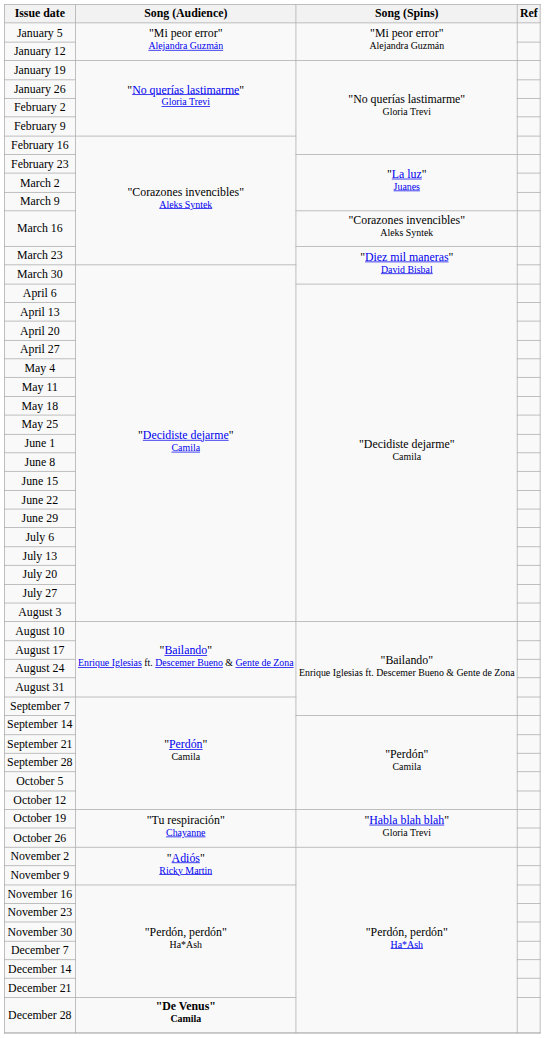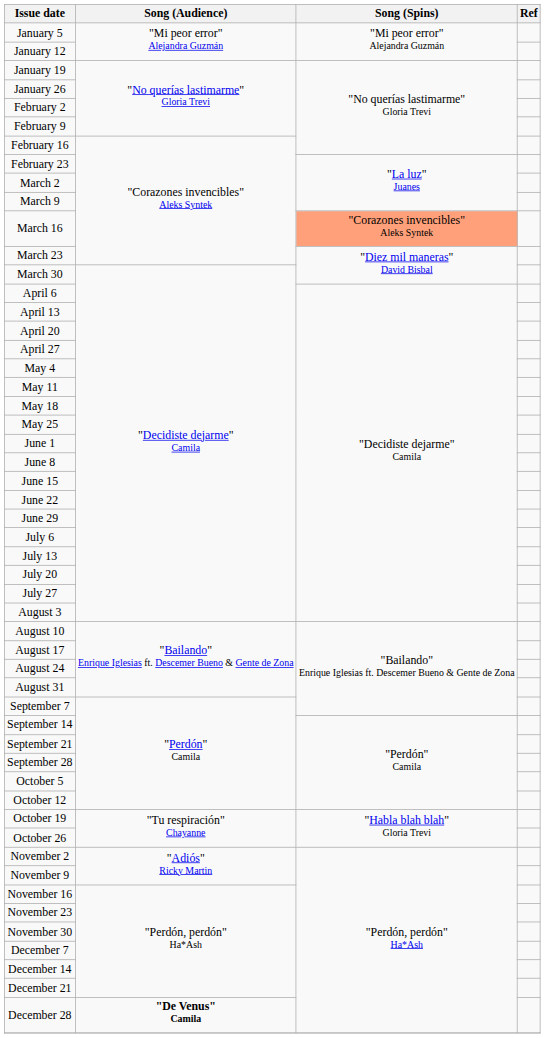 <table class="wikitable" style="text-align: center;">
 <tr>
 <th>Issue date</th>
 <th>Song (Audience)</th>
 <th>Song (Spins)</th>
 <th>Ref</th>
 </tr>
 <tr>
 <td>January 5</td>
 <td rowspan="2">"Mi peor error"<br><sup><a href='#'>Alejandra Guzmán</a></sup></td>
 <td rowspan="2">"Mi peor error"<br><sup>Alejandra Guzmán</sup></td>
 <td></td>
 </tr>
 <tr>
 <td>January 12</td>
 <td></td>
 </tr>
 <tr>
 <td>January 19</td>
 <td rowspan="4">"<a href='#'>No querías lastimarme</a>"<br><sup><a href='#'>Gloria Trevi</a></sup></td>
 <td rowspan="5">"No querías lastimarme"<br><sup>Gloria Trevi</sup></td>
 <td></td>
 </tr>
 <tr>
 <td>January 26</td>
 <td></td>
 </tr>
 <tr>
 <td>February 2</td>
 <td></td>
 </tr>
 <tr>
 <td>February 9</td>
 <td></td>
 </tr>
 <tr>
 <td>February 16</td>
 <td rowspan="6">"Corazones invencibles"<br><sup><a href='#'>Aleks Syntek</a></sup></td>
 <td></td>
 </tr>
 <tr>
 <td>February 23</td>
 <td rowspan="3">"<a href='#'>La luz</a>"<br><sup><a href='#'>Juanes</a></sup></td>
 <td></td>
 </tr>
 <tr>
 <td>March 2</td>
 <td></td>
 </tr>
 <tr>
 <td>March 9</td>
 <td></td>
 </tr>
 <tr>
 <td>March 16</td>
-<td rowspan="1">"Corazones invencibles"<br><sup>Aleks Syntek</sup></td>
+<td rowspan="1" style="background: lightsalmon;">"Corazones invencibles"<br><sup>Aleks Syntek</sup></td>
 <td></td>
 </tr>
 <tr>
 <td>March 23</td>
 <td rowspan="2">"<a href='#'>Diez mil maneras</a>"<br><sup><a href='#'>David Bisbal</a></sup></td>
 <td></td>
 </tr>
 <tr>
 <td>March 30</td>
 <td rowspan="19">"<a href='#'>Decidiste dejarme</a>"<br><sup><a href='#'>Camila</a></sup></td>
 <td></td>
 </tr>
 <tr>
 <td>April 6</td>
 <td rowspan="18">"Decidiste dejarme"<br><sup>Camila</sup></td>
 <td></td>
 </tr>
 <tr>
 <td>April 13</td>
 <td></td>
 </tr>
 <tr>
 <td>April 20</td>
 <td></td>
 </tr>
 <tr>
 <td>April 27</td>
 <td></td>
 </tr>
 <tr>
 <td>May 4</td>
 <td></td>
 </tr>
 <tr>
 <td>May 11</td>
 <td></td>
 </tr>
 <tr>
 <td>May 18</td>
 <td></td>
 </tr>
 <tr>
 <td>May 25</td>
 <td></td>
 </tr>
 <tr>
 <td>June 1</td>
 <td></td>
 </tr>
 <tr>
 <td>June 8</td>
 <td></td>
 </tr>
 <tr>
 <td>June 15</td>
 <td></td>
 </tr>
 <tr>
 <td>June 22</td>
 <td></td>
 </tr>
 <tr>
 <td>June 29</td>
 <td></td>
 </tr>
 <tr>
 <td>July 6</td>
 <td></td>
 </tr>
 <tr>
 <td>July 13</td>
 <td></td>
 </tr>
 <tr>
 <td>July 20</td>
 <td></td>
 </tr>
 <tr>
 <td>July 27</td>
 <td></td>
 </tr>
 <tr>
 <td>August 3</td>
 <td></td>
 </tr>
 <tr>
 <td>August 10</td>
 <td rowspan="4">"<a href='#'>Bailando</a>"<br><sup><a href='#'>Enrique Iglesias</a> ft. <a href='#'>Descemer Bueno</a> & <a href='#'>Gente de Zona</a></sup></td>
 <td rowspan="5">"Bailando"<br><sup>Enrique Iglesias ft. Descemer Bueno & Gente de Zona</sup></td>
 <td></td>
 </tr>
 <tr>
 <td>August 17</td>
 <td></td>
 </tr>
 <tr>
 <td>August 24</td>
 <td></td>
 </tr>
 <tr>
 <td>August 31</td>
 <td></td>
 </tr>
 <tr>
 <td>September 7</td>
 <td rowspan="6">"<a href='#'>Perdón</a>"<br><sup>Camila</sup></td>
 <td></td>
 </tr>
 <tr>
 <td>September 14</td>
 <td rowspan="5">"Perdón"<br><sup>Camila</sup></td>
 <td></td>
 </tr>
 <tr>
 <td>September 21</td>
 <td></td>
 </tr>
 <tr>
 <td>September 28</td>
 <td></td>
 </tr>
 <tr>
 <td>October 5</td>
 <td></td>
 </tr>
 <tr>
 <td>October 12</td>
 <td></td>
 </tr>
 <tr>
 <td>October 19</td>
 <td rowspan="2">"Tu respiración"<br><sup><a href='#'>Chayanne</a></sup></td>
 <td rowspan="2">"<a href='#'>Habla blah blah</a>"<br><sup>Gloria Trevi</sup></td>
 <td></td>
 </tr>
 <tr>
 <td>October 26</td>
 <td></td>
 </tr>
 <tr>
 <td>November 2</td>
 <td rowspan="2">"<a href='#'>Adiós</a>"<br><sup><a href='#'>Ricky Martin</a></sup></td>
 <td rowspan="9">"Perdón, perdón"<br><sup><a href='#'>Ha*Ash</a></sup></td>
 <td></td>
 </tr>
 <tr>
 <td>November 9</td>
 <td></td>
 </tr>
 <tr>
 <td>November 16</td>
 <td rowspan="6">"Perdón, perdón"<br><sup>Ha*Ash</sup></td>
 <td></td>
 </tr>
 <tr>
 <td>November 23</td>
 <td></td>
 </tr>
 <tr>
 <td>November 30</td>
 <td></td>
 </tr>
 <tr>
 <td>December 7</td>
 <td></td>
 </tr>
 <tr>
 <td>December 14</td>
 <td></td>
 </tr>
 <tr>
 <td>December 21</td>
 <td></td>
 </tr>
 <tr>
 <td>December 28</td>
 <td rowspan="1"><strong>"De Venus"<br><sup>Camila</sup></strong></td>
 <td></td>
 </tr>
 <tr>
 </tr>
 </table>
